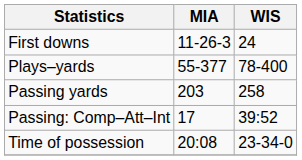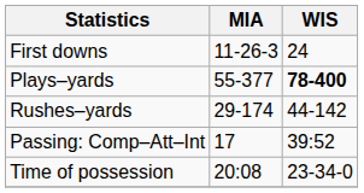 <table class="wikitable">
 <tr>
 <th>Statistics</th>
 <th>MIA</th>
 <th>WIS</th>
 </tr>
 <tr>
 <td>First downs</td>
 <td>11-26-3</td>
 <td>24</td>
 </tr>
 <tr>
 <td>Plays–yards</td>
 <td>55-377</td>
-<td>78-400</td>
+<td><strong>78-400</strong></td>
 </tr>
 <tr>
-<td>Passing yards</td>
-<td>203</td>
-<td>258</td>
+<td>Rushes–yards</td>
+<td>29-174</td>
+<td>44-142</td>
 </tr>
 <tr>
 <td>Passing: Comp–Att–Int</td>
 <td>17</td>
 <td>39:52</td>
 </tr>
 <tr>
 <td>Time of possession</td>
 <td>20:08</td>
 <td>23-34-0</td>
 </tr>
 <tr>
 </tr>
 </table>
